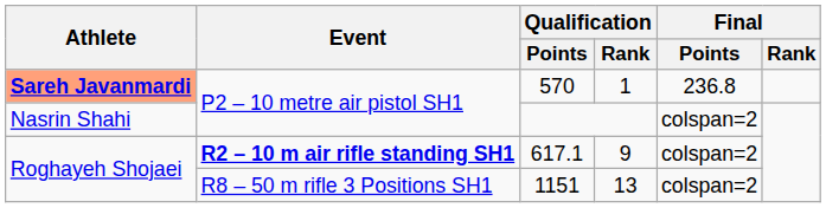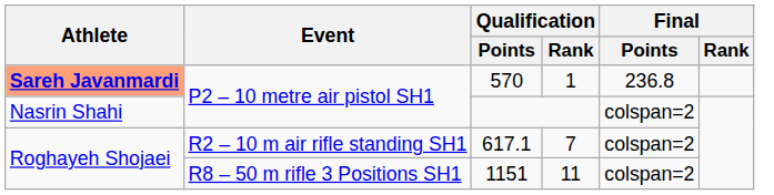 <table class="wikitable" style="font-size:90%">
 <tr>
 <th rowspan="2">Athlete</th>
 <th rowspan="2">Event</th>
 <th colspan="2">Qualification</th>
 <th colspan="2">Final</th>
 </tr>
 <tr style="font-size:95%">
 <th>Points</th>
 <th>Rank</th>
 <th>Points</th>
 <th>Rank</th>
 </tr>
 <tr align=center>
 <td align=left style="background: lightsalmon;"><strong><a href='#'>Sareh Javanmardi</a></strong></td>
 <td align=left rowspan=2><a href='#'>P2 – 10 metre air pistol SH1</a></td>
 <td>570</td>
 <td>1 <strong></strong></td>
 <td>236.8</td>
 <td></td>
 </tr>
 <tr align=center>
 <td align=left><a href='#'>Nasrin Shahi</a></td>
 <td colspan=2></td>
 <td>colspan=2 </td>
 </tr>
 <tr align=center>
 <td align=left rowspan=2><a href='#'>Roghayeh Shojaei</a></td>
-<td align=left><strong><a href='#'>R2 – 10 m air rifle standing SH1</a></strong></td>
+<td align=left><a href='#'>R2 – 10 m air rifle standing SH1</a></td>
 <td>617.1</td>
-<td>9</td>
+<td>7</td>
 <td>colspan=2 </td>
 </tr>
 <tr align=center>
 <td align=left><a href='#'>R8 – 50 m rifle 3 Positions SH1</a></td>
 <td>1151</td>
-<td>13</td>
+<td>11</td>
 <td>colspan=2 </td>
 </tr>
 </table>
